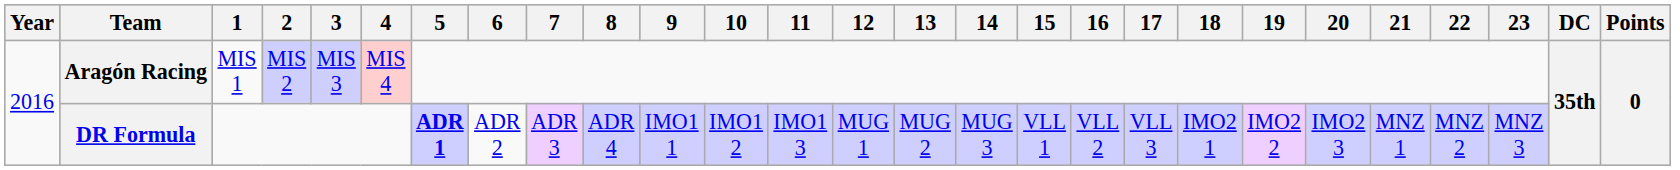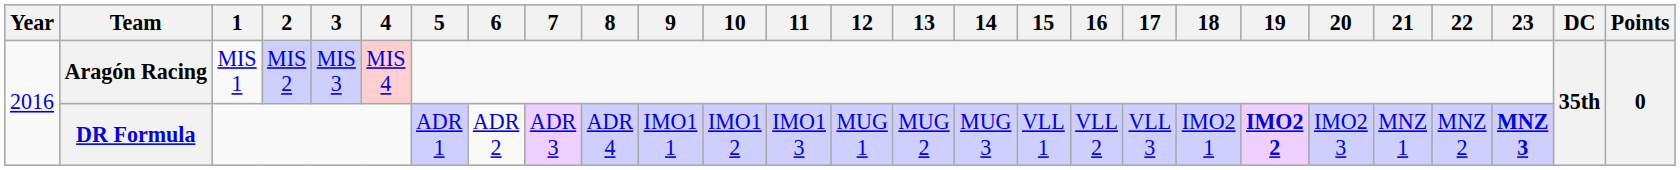 <table class="wikitable" style="text-align:center; font-size:85%">
 <tr>
 <th>Year</th>
 <th>Team</th>
 <th>1</th>
 <th>2</th>
 <th>3</th>
 <th>4</th>
 <th>5</th>
 <th>6</th>
 <th>7</th>
 <th>8</th>
 <th>9</th>
 <th>10</th>
 <th>11</th>
 <th>12</th>
 <th>13</th>
 <th>14</th>
 <th>15</th>
 <th>16</th>
 <th>17</th>
 <th>18</th>
 <th>19</th>
 <th>20</th>
 <th>21</th>
 <th>22</th>
 <th>23</th>
 <th>DC</th>
 <th>Points</th>
 </tr>
 <tr>
 <td rowspan=2><a href='#'>2016</a></td>
 <th nowrap>Aragón Racing</th>
 <td style="background:#;"><a href='#'>MIS<br>1</a></td>
 <td style="background:#CFCFFF;"><a href='#'>MIS<br>2</a><br></td>
 <td style="background:#CFCFFF;"><a href='#'>MIS<br>3</a><br></td>
 <td style="background:#FFCFCF;"><a href='#'>MIS<br>4</a><br></td>
 <td colspan=19></td>
 <th rowspan=2>35th</th>
 <th rowspan=2>0</th>
 </tr>
 <tr>
 <th nowrap><a href='#'>DR Formula</a></th>
 <td colspan=4></td>
-<td style="background:#CFCFFF;"><strong><a href='#'>ADR<br>1</a><br></strong></td>
+<td style="background:#CFCFFF;"><a href='#'>ADR<br>1</a><br></td>
 <td style="background:#;"><a href='#'>ADR<br>2</a></td>
 <td style="background:#EFCFFF;"><a href='#'>ADR<br>3</a><br></td>
 <td style="background:#CFCFFF;"><a href='#'>ADR<br>4</a><br></td>
 <td style="background:#CFCFFF;"><a href='#'>IMO1<br>1</a><br></td>
 <td style="background:#CFCFFF;"><a href='#'>IMO1<br>2</a><br></td>
 <td style="background:#CFCFFF;"><a href='#'>IMO1<br>3</a><br></td>
 <td style="background:#CFCFFF;"><a href='#'>MUG<br>1</a><br></td>
 <td style="background:#CFCFFF;"><a href='#'>MUG<br>2</a><br></td>
 <td style="background:#CFCFFF;"><a href='#'>MUG<br>3</a><br></td>
 <td style="background:#CFCFFF;"><a href='#'>VLL<br>1</a><br></td>
 <td style="background:#CFCFFF;"><a href='#'>VLL<br>2</a><br></td>
 <td style="background:#CFCFFF;"><a href='#'>VLL<br>3</a><br></td>
 <td style="background:#CFCFFF;"><a href='#'>IMO2<br>1</a><br></td>
-<td style="background:#EFCFFF;"><a href='#'>IMO2<br>2</a><br></td>
+<td style="background:#EFCFFF;"><strong><a href='#'>IMO2<br>2</a><br></strong></td>
 <td style="background:#CFCFFF;"><a href='#'>IMO2<br>3</a><br></td>
 <td style="background:#CFCFFF;"><a href='#'>MNZ<br>1</a><br></td>
 <td style="background:#CFCFFF;"><a href='#'>MNZ<br>2</a><br></td>
-<td style="background:#CFCFFF;"><a href='#'>MNZ<br>3</a><br></td>
+<td style="background:#CFCFFF;"><strong><a href='#'>MNZ<br>3</a><br></strong></td>
 </tr>
 </table>
